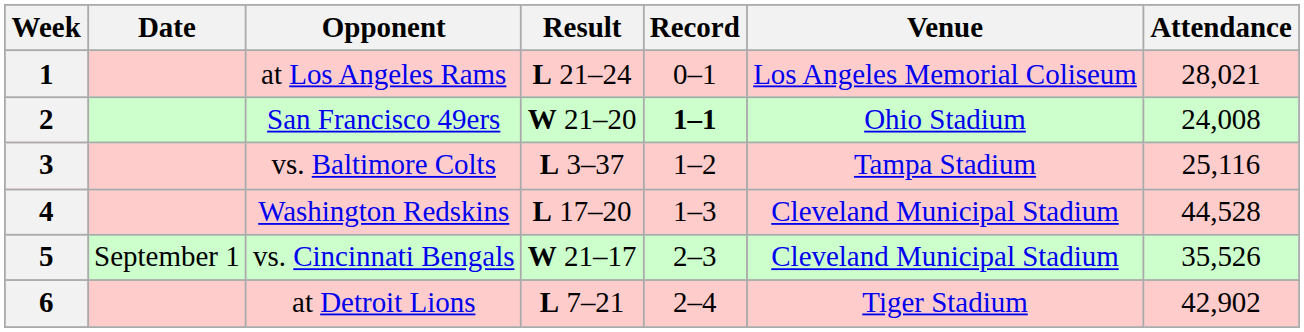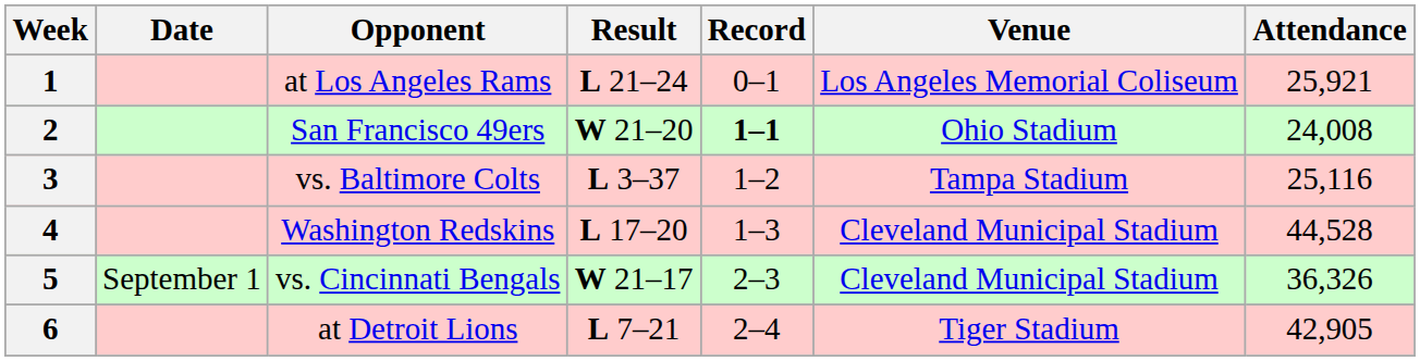 <table class="wikitable" style="text-align:center">
 <tr>
 <th>Week</th>
 <th>Date</th>
 <th>Opponent</th>
 <th>Result</th>
 <th>Record</th>
 <th>Venue</th>
 <th>Attendance</th>
 </tr>
 <tr style="background:#fcc">
 <th>1</th>
 <td></td>
 <td>at <a href='#'>Los Angeles Rams</a></td>
 <td><strong>L</strong> 21–24</td>
 <td>0–1</td>
 <td><a href='#'>Los Angeles Memorial Coliseum</a></td>
-<td>28,021</td>
+<td>25,921</td>
 </tr>
 <tr style="background:#cfc">
 <th>2</th>
 <td></td>
 <td><a href='#'>San Francisco 49ers</a></td>
 <td><strong>W</strong> 21–20</td>
 <td><strong>1–1</strong></td>
 <td><a href='#'>Ohio Stadium</a></td>
 <td>24,008</td>
 </tr>
 <tr style="background:#fcc">
 <th>3</th>
 <td></td>
 <td>vs. <a href='#'>Baltimore Colts</a></td>
 <td><strong>L</strong> 3–37</td>
 <td>1–2</td>
 <td><a href='#'>Tampa Stadium</a></td>
 <td>25,116</td>
 </tr>
 <tr style="background:#fcc">
 <th>4</th>
 <td></td>
 <td><a href='#'>Washington Redskins</a></td>
 <td><strong>L</strong> 17–20</td>
 <td>1–3</td>
 <td><a href='#'>Cleveland Municipal Stadium</a></td>
 <td>44,528</td>
 </tr>
 <tr style="background:#cfc">
 <th>5</th>
 <td>September 1</td>
 <td>vs. <a href='#'>Cincinnati Bengals</a></td>
 <td><strong>W</strong> 21–17</td>
 <td>2–3</td>
 <td><a href='#'>Cleveland Municipal Stadium</a></td>
-<td>35,526</td>
+<td>36,326</td>
 </tr>
 <tr style="background:#fcc">
 <th>6</th>
 <td></td>
 <td>at <a href='#'>Detroit Lions</a></td>
 <td><strong>L</strong> 7–21</td>
 <td>2–4</td>
 <td><a href='#'>Tiger Stadium</a></td>
-<td>42,902</td>
+<td>42,905</td>
 </tr>
 </table>
